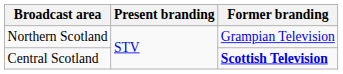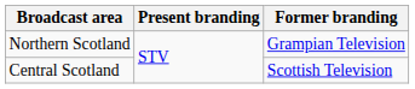 <table class=wikitable>
 <tr>
 <th>Broadcast area</th>
 <th>Present branding</th>
 <th>Former branding</th>
 </tr>
 <tr>
 <td>Northern Scotland</td>
 <td rowspan=2><a href='#'>STV</a></td>
 <td><a href='#'>Grampian Television</a></td>
 </tr>
 <tr>
 <td>Central Scotland</td>
-<td><strong><a href='#'>Scottish Television</a></strong></td>
+<td><a href='#'>Scottish Television</a></td>
 </tr>
 </table>
